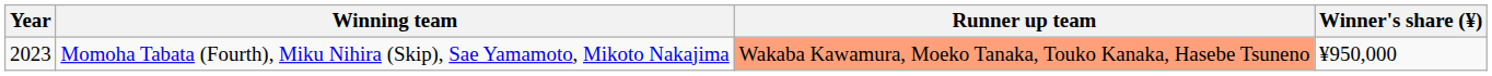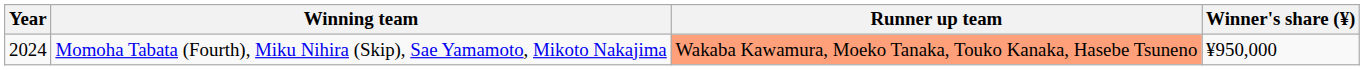 <table class="wikitable">
 <tr>
 <th scope="col">Year</th>
 <th scope="col">Winning team</th>
 <th scope="col">Runner up team</th>
 <th scope="col">Winner's share (¥)</th>
 </tr>
 <tr>
-<td>2023</td>
+<td>2024</td>
 <td> <a href='#'>Momoha Tabata</a> (Fourth), <a href='#'>Miku Nihira</a> (Skip), <a href='#'>Sae Yamamoto</a>, <a href='#'>Mikoto Nakajima</a></td>
 <td style="background: lightsalmon;"> Wakaba Kawamura, Moeko Tanaka, Touko Kanaka, Hasebe Tsuneno</td>
 <td>¥950,000</td>
 </tr>
 </table>
